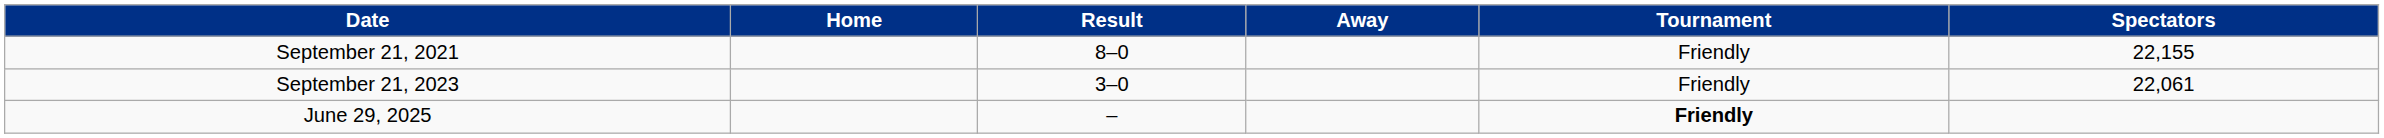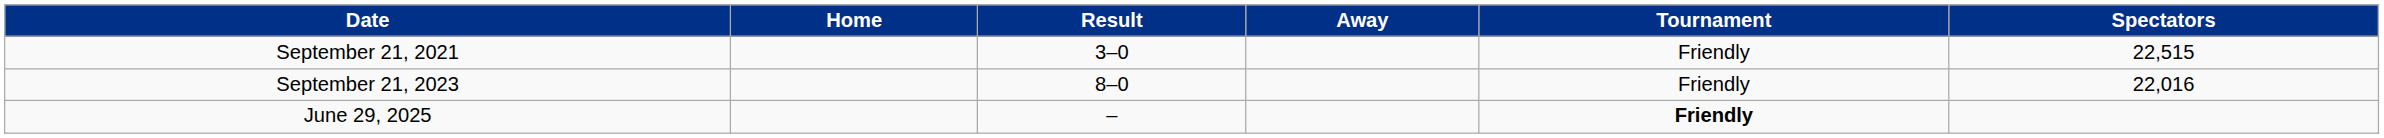 <table class="wikitable" style="text-align:left; width:95%;" style="text-align:center">
 <tr>
 <th style="text-align:center; background:#003087; color:#FFFFFF; ">Date</th>
 <th style="text-align:center; background:#003087; color:#FFFFFF; ">Home</th>
 <th style="text-align:center; background:#003087; color:#FFFFFF; ">Result</th>
 <th style="text-align:center; background:#003087; color:#FFFFFF; ">Away</th>
 <th style="text-align:center; background:#003087; color:#FFFFFF; ">Tournament</th>
 <th style="text-align:center; background:#003087; color:#FFFFFF; ">Spectators</th>
 </tr>
 <tr>
 <td style="text-align:center;">September 21, 2021</td>
 <td><strong></strong></td>
-<td style="text-align:center;">8–0</td>
+<td style="text-align:center;">3–0</td>
 <td></td>
 <td style="text-align:center;">Friendly</td>
-<td style="text-align:center;">22,155</td>
+<td style="text-align:center;">22,515</td>
 </tr>
 <tr>
 <td style="text-align:center;">September 21, 2023</td>
 <td><strong></strong></td>
-<td style="text-align:center;">3–0</td>
+<td style="text-align:center;">8–0</td>
 <td></td>
 <td style="text-align:center;">Friendly</td>
-<td style="text-align:center;">22,061</td>
+<td style="text-align:center;">22,016</td>
 </tr>
 <tr>
 <td style="text-align:center;">June 29, 2025</td>
 <td></td>
 <td style="text-align:center;">–</td>
 <td></td>
 <td style="text-align:center;"><strong>Friendly</strong></td>
 <td style="text-align:center;"></td>
 </tr>
 </table>
